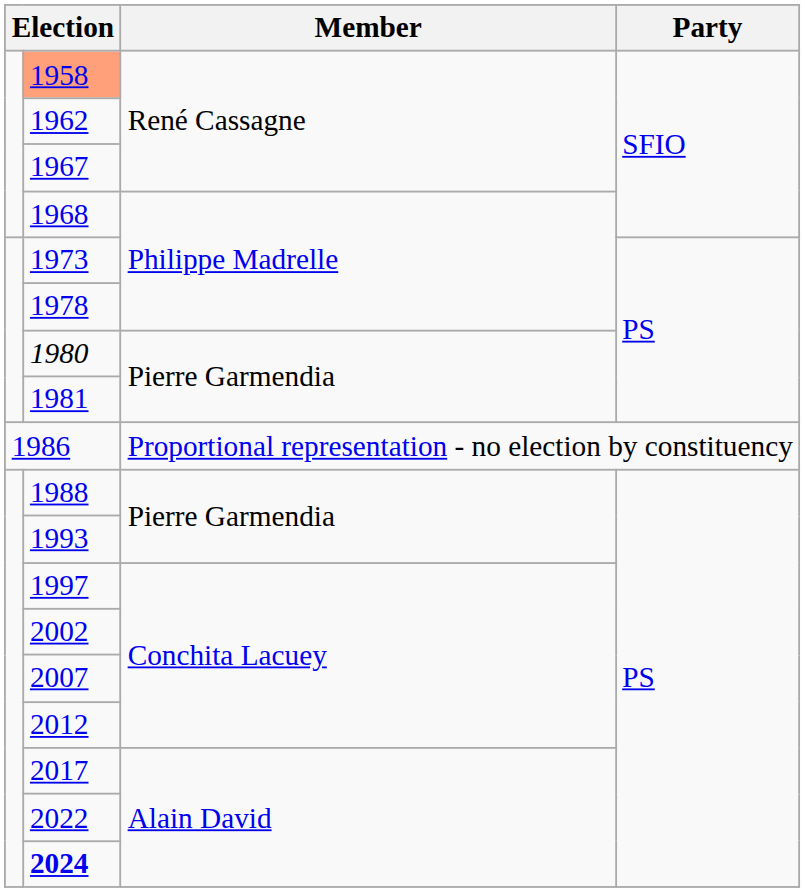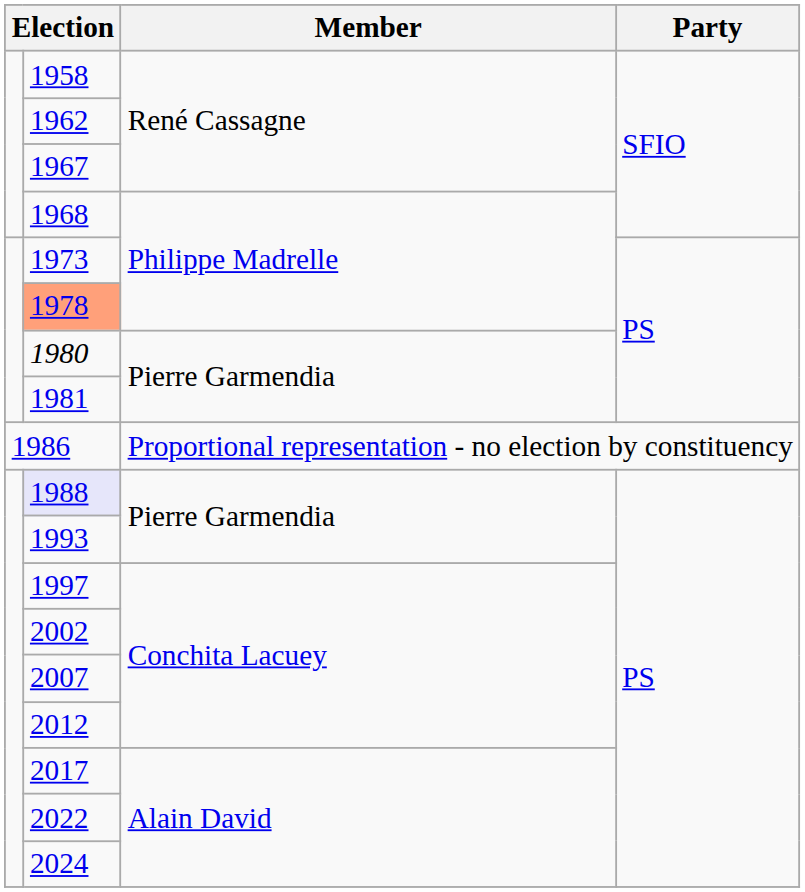 <table class="wikitable">
 <tr>
 <th colspan="2">Election</th>
 <th>Member</th>
 <th>Party</th>
 </tr>
 <tr>
 <td rowspan="4" style="color:inherit;background-color: "></td>
-<td style="background: lightsalmon;"><a href='#'>1958</a></td>
+<td><a href='#'>1958</a></td>
 <td rowspan="3">René Cassagne</td>
 <td rowspan="4"><a href='#'>SFIO</a></td>
 </tr>
 <tr>
 <td><a href='#'>1962</a></td>
 </tr>
 <tr>
 <td><a href='#'>1967</a></td>
 </tr>
 <tr>
 <td><a href='#'>1968</a></td>
 <td rowspan="3"><a href='#'>Philippe Madrelle</a></td>
 </tr>
 <tr>
 <td rowspan="4" style="color:inherit;background-color: "></td>
 <td><a href='#'>1973</a></td>
 <td rowspan="4"><a href='#'>PS</a></td>
 </tr>
 <tr>
-<td><a href='#'>1978</a></td>
+<td style="background: lightsalmon;"><a href='#'>1978</a></td>
 </tr>
 <tr>
 <td><em>1980</em></td>
 <td rowspan="2">Pierre Garmendia</td>
 </tr>
 <tr>
 <td><a href='#'>1981</a></td>
 </tr>
 <tr>
 <td colspan="2"><a href='#'>1986</a></td>
 <td colspan="2"><a href='#'>Proportional representation</a> - no election by constituency</td>
 </tr>
 <tr>
 <td rowspan="9" style="color:inherit;background-color: "></td>
-<td><a href='#'>1988</a></td>
+<td style="background: lavender;"><a href='#'>1988</a></td>
 <td rowspan="2">Pierre Garmendia</td>
 <td rowspan="9"><a href='#'>PS</a></td>
 </tr>
 <tr>
 <td><a href='#'>1993</a></td>
 </tr>
 <tr>
 <td><a href='#'>1997</a></td>
 <td rowspan="4"><a href='#'>Conchita Lacuey</a></td>
 </tr>
 <tr>
 <td><a href='#'>2002</a></td>
 </tr>
 <tr>
 <td><a href='#'>2007</a></td>
 </tr>
 <tr>
 <td><a href='#'>2012</a></td>
 </tr>
 <tr>
 <td><a href='#'>2017</a></td>
 <td rowspan="3"><a href='#'>Alain David</a></td>
 </tr>
 <tr>
 <td><a href='#'>2022</a></td>
 </tr>
 <tr>
-<td><strong><a href='#'>2024</a></strong></td>
+<td><a href='#'>2024</a></td>
 </tr>
 </table>
